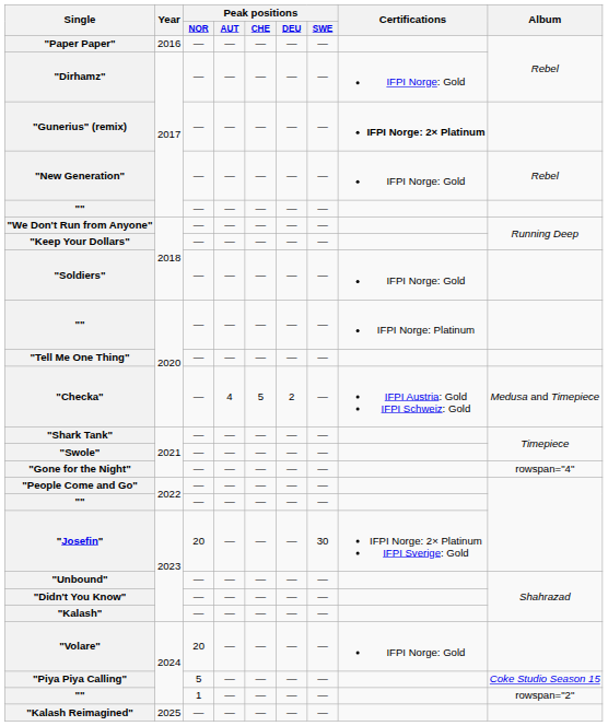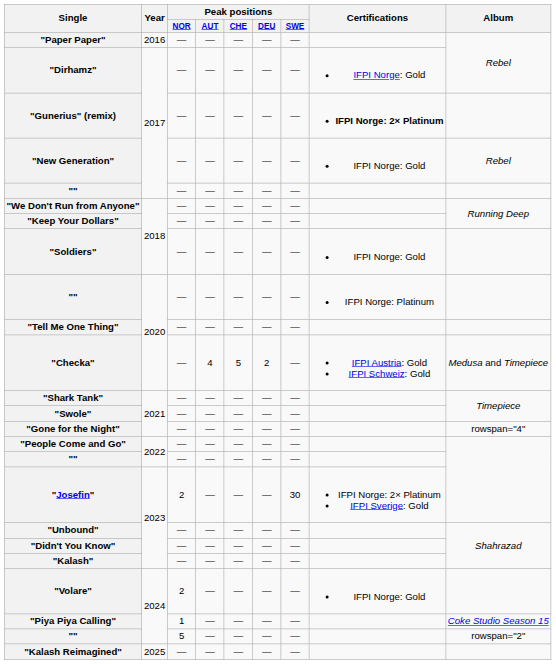 <table class="wikitable plainrowheaders" style="text-align:center">
 <tr>
 <th scope="col" rowspan="2">Single</th>
 <th scope="col" rowspan="2">Year</th>
 <th scope="col" colspan="5">Peak positions</th>
 <th scope="col" rowspan="2">Certifications</th>
 <th scope="col" rowspan="2">Album</th>
 </tr>
 <tr>
 <th scope="col" style="width:3em;font-size:85%;"><a href='#'>NOR</a><br></th>
 <th scope="col" style="width:3em;font-size:85%;"><a href='#'>AUT</a><br></th>
 <th scope="col" style="width:3em;font-size:85%;"><a href='#'>CHE</a><br></th>
 <th scope="col" style="width:3em;font-size:85%;"><a href='#'>DEU</a><br></th>
 <th scope="col" style="width:3em;font-size:85%;"><a href='#'>SWE</a><br></th>
 </tr>
 <tr>
 <th scope="row">"Paper Paper"</th>
 <td>2016</td>
 <td>—</td>
 <td>—</td>
 <td>—</td>
 <td>—</td>
 <td>—</td>
 <td></td>
 <td rowspan="2"><em>Rebel</em></td>
 </tr>
 <tr>
 <th scope="row">"Dirhamz"</th>
 <td rowspan="4">2017</td>
 <td>—</td>
 <td>—</td>
 <td>—</td>
 <td>—</td>
 <td>—</td>
 <td><br><ul><li><a href='#'>IFPI Norge</a>: Gold</li></ul></td>
 </tr>
 <tr>
 <th scope="row">"Gunerius" (remix)</th>
 <td>—</td>
 <td>—</td>
 <td>—</td>
 <td>—</td>
 <td>—</td>
 <td><strong><br><ul><li>IFPI Norge: 2× Platinum</li></ul></strong></td>
 <td></td>
 </tr>
 <tr>
 <th scope="row">"New Generation"</th>
 <td>—</td>
 <td>—</td>
 <td>—</td>
 <td>—</td>
 <td>—</td>
 <td><br><ul><li>IFPI Norge: Gold</li></ul></td>
 <td><em>Rebel</em></td>
 </tr>
 <tr>
 <th scope="row">""<br></th>
 <td>—</td>
 <td>—</td>
 <td>—</td>
 <td>—</td>
 <td>—</td>
 <td></td>
 <td></td>
 </tr>
 <tr>
 <th scope="row">"We Don't Run from Anyone"</th>
 <td rowspan="3">2018</td>
 <td>—</td>
 <td>—</td>
 <td>—</td>
 <td>—</td>
 <td>—</td>
 <td></td>
 <td rowspan="2"><em>Running Deep</em></td>
 </tr>
 <tr>
 <th scope="row">"Keep Your Dollars"</th>
 <td>—</td>
 <td>—</td>
 <td>—</td>
 <td>—</td>
 <td>—</td>
 <td></td>
 </tr>
 <tr>
 <th scope="row">"Soldiers"</th>
 <td>—</td>
 <td>—</td>
 <td>—</td>
 <td>—</td>
 <td>—</td>
 <td><br><ul><li>IFPI Norge: Gold</li></ul></td>
 <td></td>
 </tr>
 <tr>
 <th scope="row">""</th>
 <td rowspan="3">2020</td>
 <td>—</td>
 <td>—</td>
 <td>—</td>
 <td>—</td>
 <td>—</td>
 <td><br><ul><li>IFPI Norge: Platinum</li></ul></td>
 <td></td>
 </tr>
 <tr>
 <th scope="row">"Tell Me One Thing"</th>
 <td>—</td>
 <td>—</td>
 <td>—</td>
 <td>—</td>
 <td>—</td>
 <td></td>
 <td></td>
 </tr>
 <tr>
 <th scope="row">"Checka"<br></th>
 <td>—</td>
 <td>4</td>
 <td>5</td>
 <td>2</td>
 <td>—</td>
 <td><br><ul><li><a href='#'>IFPI Austria</a>: Gold</li><li><a href='#'>IFPI Schweiz</a>: Gold</li></ul></td>
 <td><em>Medusa</em> and <em>Timepiece</em></td>
 </tr>
 <tr>
 <th scope="row">"Shark Tank"</th>
 <td rowspan="3">2021</td>
 <td>—</td>
 <td>—</td>
 <td>—</td>
 <td>—</td>
 <td>—</td>
 <td></td>
 <td rowspan="2"><em>Timepiece</em></td>
 </tr>
 <tr>
 <th scope="row">"Swole"</th>
 <td>—</td>
 <td>—</td>
 <td>—</td>
 <td>—</td>
 <td>—</td>
 <td></td>
 </tr>
 <tr>
 <th scope="row">"Gone for the Night"<br></th>
 <td>—</td>
 <td>—</td>
 <td>—</td>
 <td>—</td>
 <td>—</td>
 <td></td>
 <td>rowspan="4"</td>
 </tr>
 <tr>
 <th scope="row">"People Come and Go"</th>
 <td rowspan="2">2022</td>
 <td>—</td>
 <td>—</td>
 <td>—</td>
 <td>—</td>
 <td>—</td>
 <td></td>
 </tr>
 <tr>
 <th scope="row">""<br></th>
 <td>—</td>
 <td>—</td>
 <td>—</td>
 <td>—</td>
 <td>—</td>
 <td></td>
 </tr>
 <tr>
 <th scope="row">"<a href='#'>Josefin</a>"</th>
 <td rowspan="4">2023</td>
-<td>20</td>
+<td>2</td>
 <td>—</td>
 <td>—</td>
 <td>—</td>
 <td>30</td>
 <td><br><ul><li>IFPI Norge: 2× Platinum</li><li><a href='#'>IFPI Sverige</a>: Gold</li></ul></td>
 </tr>
 <tr>
 <th scope="row">"Unbound"</th>
 <td>—</td>
 <td>—</td>
 <td>—</td>
 <td>—</td>
 <td>—</td>
 <td></td>
 <td rowspan="3"><em>Shahrazad</em></td>
 </tr>
 <tr>
 <th scope="row">"Didn't You Know"</th>
 <td>—</td>
 <td>—</td>
 <td>—</td>
 <td>—</td>
 <td>—</td>
 <td></td>
 </tr>
 <tr>
 <th scope="row">"Kalash"<br></th>
 <td>—</td>
 <td>—</td>
 <td>—</td>
 <td>—</td>
 <td>—</td>
 <td></td>
 </tr>
 <tr>
 <th scope="row">"Volare"</th>
 <td rowspan="3">2024</td>
-<td>20</td>
+<td>2</td>
 <td>—</td>
 <td>—</td>
 <td>—</td>
 <td>—</td>
 <td><br><ul><li>IFPI Norge: Gold</li></ul></td>
 <td></td>
 </tr>
 <tr>
 <th scope="row">"Piya Piya Calling"<br></th>
-<td>5</td>
+<td>1</td>
 <td>—</td>
 <td>—</td>
 <td>—</td>
 <td>—</td>
 <td></td>
 <td><em><a href='#'>Coke Studio Season 15</a></em></td>
 </tr>
 <tr>
 <th scope="row">""</th>
-<td>1</td>
+<td>5</td>
 <td>—</td>
 <td>—</td>
 <td>—</td>
 <td>—</td>
 <td></td>
 <td>rowspan="2"</td>
 </tr>
 <tr>
 <th scope="row">"Kalash Reimagined"<br></th>
 <td>2025</td>
 <td>—</td>
 <td>—</td>
 <td>—</td>
 <td>—</td>
 <td>—</td>
 <td></td>
 </tr>
 </table>
